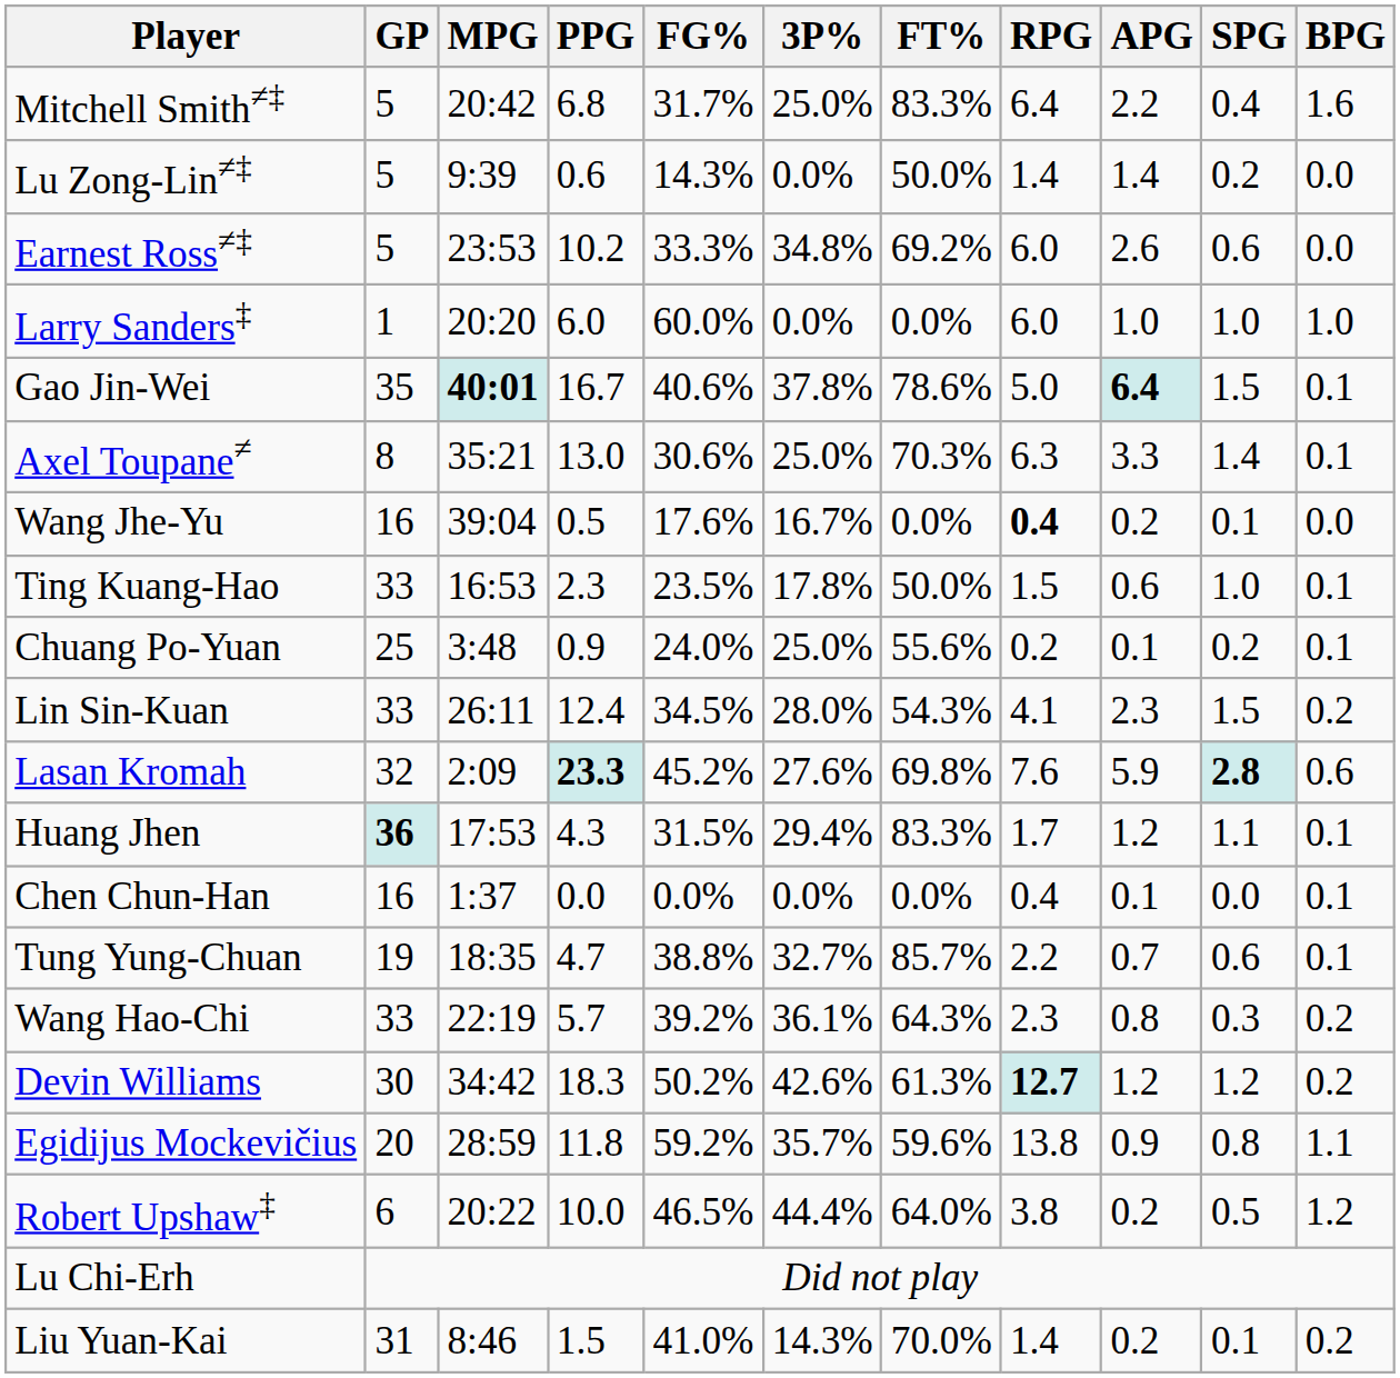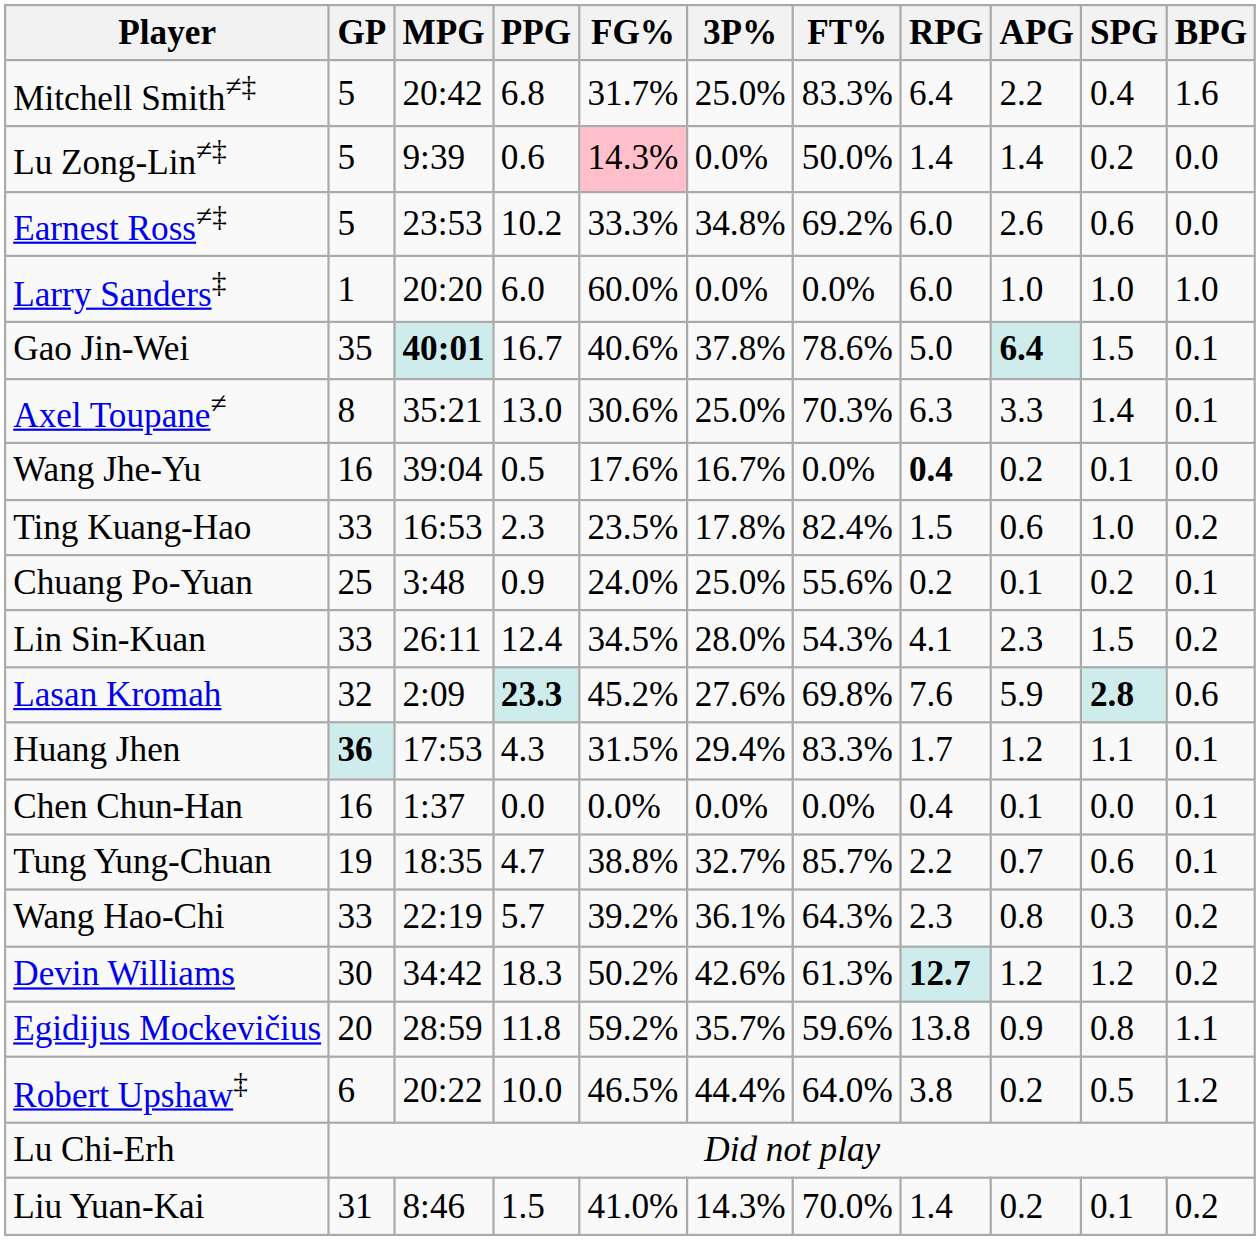 <table class="wikitable">
 <tr>
 <th>Player</th>
 <th>GP</th>
 <th>MPG</th>
 <th>PPG</th>
 <th>FG%</th>
 <th>3P%</th>
 <th>FT%</th>
 <th>RPG</th>
 <th>APG</th>
 <th>SPG</th>
 <th>BPG</th>
 </tr>
 <tr>
 <td>Mitchell Smith<sup>≠‡</sup></td>
 <td>5</td>
 <td>20:42</td>
 <td>6.8</td>
 <td>31.7%</td>
 <td>25.0%</td>
 <td>83.3%</td>
 <td>6.4</td>
 <td>2.2</td>
 <td>0.4</td>
 <td>1.6</td>
 </tr>
 <tr>
 <td>Lu Zong-Lin<sup>≠‡</sup></td>
 <td>5</td>
 <td>9:39</td>
 <td>0.6</td>
-<td>14.3%</td>
+<td style="background: pink;">14.3%</td>
 <td>0.0%</td>
 <td>50.0%</td>
 <td>1.4</td>
 <td>1.4</td>
 <td>0.2</td>
 <td>0.0</td>
 </tr>
 <tr>
 <td><a href='#'>Earnest Ross</a><sup>≠‡</sup></td>
 <td>5</td>
 <td>23:53</td>
 <td>10.2</td>
 <td>33.3%</td>
 <td>34.8%</td>
 <td>69.2%</td>
 <td>6.0</td>
 <td>2.6</td>
 <td>0.6</td>
 <td>0.0</td>
 </tr>
 <tr>
 <td><a href='#'>Larry Sanders</a><sup>‡</sup></td>
 <td>1</td>
 <td>20:20</td>
 <td>6.0</td>
 <td>60.0%</td>
 <td>0.0%</td>
 <td>0.0%</td>
 <td>6.0</td>
 <td>1.0</td>
 <td>1.0</td>
 <td>1.0</td>
 </tr>
 <tr>
 <td>Gao Jin-Wei</td>
 <td>35</td>
 <td style="background-color: #CFECEC"><strong>40:01</strong></td>
 <td>16.7</td>
 <td>40.6%</td>
 <td>37.8%</td>
 <td>78.6%</td>
 <td>5.0</td>
 <td style="background-color: #CFECEC"><strong>6.4</strong></td>
 <td>1.5</td>
 <td>0.1</td>
 </tr>
 <tr>
 <td><a href='#'>Axel Toupane</a><sup>≠</sup></td>
 <td>8</td>
 <td>35:21</td>
 <td>13.0</td>
 <td>30.6%</td>
 <td>25.0%</td>
 <td>70.3%</td>
 <td>6.3</td>
 <td>3.3</td>
 <td>1.4</td>
 <td>0.1</td>
 </tr>
 <tr>
 <td>Wang Jhe-Yu</td>
 <td>16</td>
 <td>39:04</td>
 <td>0.5</td>
 <td>17.6%</td>
 <td>16.7%</td>
 <td>0.0%</td>
 <td><strong>0.4</strong></td>
 <td>0.2</td>
 <td>0.1</td>
 <td>0.0</td>
 </tr>
 <tr>
 <td>Ting Kuang-Hao</td>
 <td>33</td>
 <td>16:53</td>
 <td>2.3</td>
 <td>23.5%</td>
 <td>17.8%</td>
-<td>50.0%</td>
+<td>82.4%</td>
 <td>1.5</td>
 <td>0.6</td>
 <td>1.0</td>
-<td>0.1</td>
+<td>0.2</td>
 </tr>
 <tr>
 <td>Chuang Po-Yuan</td>
 <td>25</td>
 <td>3:48</td>
 <td>0.9</td>
 <td>24.0%</td>
 <td>25.0%</td>
 <td>55.6%</td>
 <td>0.2</td>
 <td>0.1</td>
 <td>0.2</td>
 <td>0.1</td>
 </tr>
 <tr>
 <td>Lin Sin-Kuan</td>
 <td>33</td>
 <td>26:11</td>
 <td>12.4</td>
 <td>34.5%</td>
 <td>28.0%</td>
 <td>54.3%</td>
 <td>4.1</td>
 <td>2.3</td>
 <td>1.5</td>
 <td>0.2</td>
 </tr>
 <tr>
 <td><a href='#'>Lasan Kromah</a></td>
 <td>32</td>
 <td>2:09</td>
 <td style="background-color: #CFECEC"><strong>23.3</strong></td>
 <td>45.2%</td>
 <td>27.6%</td>
 <td>69.8%</td>
 <td>7.6</td>
 <td>5.9</td>
 <td style="background-color: #CFECEC"><strong>2.8</strong></td>
 <td>0.6</td>
 </tr>
 <tr>
 <td>Huang Jhen</td>
 <td style="background-color: #CFECEC"><strong>36</strong></td>
 <td>17:53</td>
 <td>4.3</td>
 <td>31.5%</td>
 <td>29.4%</td>
 <td>83.3%</td>
 <td>1.7</td>
 <td>1.2</td>
 <td>1.1</td>
 <td>0.1</td>
 </tr>
 <tr>
 <td>Chen Chun-Han</td>
 <td>16</td>
 <td>1:37</td>
 <td>0.0</td>
 <td>0.0%</td>
 <td>0.0%</td>
 <td>0.0%</td>
 <td>0.4</td>
 <td>0.1</td>
 <td>0.0</td>
 <td>0.1</td>
 </tr>
 <tr>
 <td>Tung Yung-Chuan</td>
 <td>19</td>
 <td>18:35</td>
 <td>4.7</td>
 <td>38.8%</td>
 <td>32.7%</td>
 <td>85.7%</td>
 <td>2.2</td>
 <td>0.7</td>
 <td>0.6</td>
 <td>0.1</td>
 </tr>
 <tr>
 <td>Wang Hao-Chi</td>
 <td>33</td>
 <td>22:19</td>
 <td>5.7</td>
 <td>39.2%</td>
 <td>36.1%</td>
 <td>64.3%</td>
 <td>2.3</td>
 <td>0.8</td>
 <td>0.3</td>
 <td>0.2</td>
 </tr>
 <tr>
 <td><a href='#'>Devin Williams</a></td>
 <td>30</td>
 <td>34:42</td>
 <td>18.3</td>
 <td>50.2%</td>
 <td>42.6%</td>
 <td>61.3%</td>
 <td style="background-color: #CFECEC"><strong>12.7</strong></td>
 <td>1.2</td>
 <td>1.2</td>
 <td>0.2</td>
 </tr>
 <tr>
 <td><a href='#'>Egidijus Mockevičius</a></td>
 <td>20</td>
 <td>28:59</td>
 <td>11.8</td>
 <td>59.2%</td>
 <td>35.7%</td>
 <td>59.6%</td>
 <td>13.8</td>
 <td>0.9</td>
 <td>0.8</td>
 <td>1.1</td>
 </tr>
 <tr>
 <td><a href='#'>Robert Upshaw</a><sup>‡</sup></td>
 <td>6</td>
 <td>20:22</td>
 <td>10.0</td>
 <td>46.5%</td>
 <td>44.4%</td>
 <td>64.0%</td>
 <td>3.8</td>
 <td>0.2</td>
 <td>0.5</td>
 <td>1.2</td>
 </tr>
 <tr>
 <td>Lu Chi-Erh</td>
 <td colspan=10 align=center><em>Did not play</em></td>
 </tr>
 <tr>
 <td>Liu Yuan-Kai</td>
 <td>31</td>
 <td>8:46</td>
 <td>1.5</td>
 <td>41.0%</td>
 <td>14.3%</td>
 <td>70.0%</td>
 <td>1.4</td>
 <td>0.2</td>
 <td>0.1</td>
 <td>0.2</td>
 </tr>
 </table>
